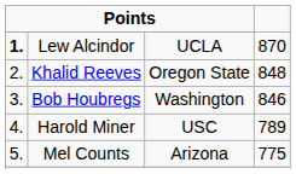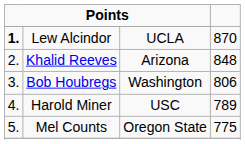 <table class="wikitable" style="display: inline-table;">
 <tr>
 <td align="center" Colspan="3"><strong>Points</strong></td>
 </tr>
 <tr align="center">
 </tr>
 <tr align="center">
 <td><strong>1.</strong></td>
 <td>Lew Alcindor</td>
 <td>UCLA</td>
 <td>870</td>
 </tr>
 <tr align="center">
 <td>2.</td>
 <td><a href='#'>Khalid Reeves</a></td>
-<td>Oregon State</td>
+<td>Arizona</td>
 <td>848</td>
 </tr>
 <tr align="center">
 <td>3.</td>
 <td><a href='#'>Bob Houbregs</a></td>
 <td>Washington</td>
-<td>846</td>
+<td>806</td>
 </tr>
 <tr align="center">
 <td>4.</td>
 <td>Harold Miner</td>
 <td>USC</td>
 <td>789</td>
 </tr>
 <tr align="center">
 <td>5.</td>
 <td>Mel Counts</td>
-<td>Arizona</td>
+<td>Oregon State</td>
 <td>775</td>
 </tr>
 <tr align="center">
 </tr>
 <tr>
 </tr>
 </table>
